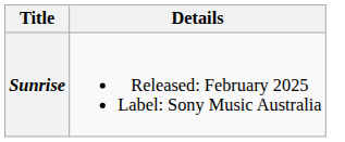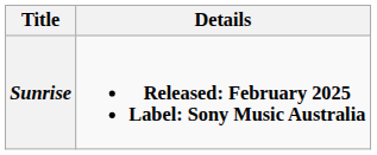 <table class="wikitable plainrowheaders" style="text-align:center;" border="1">
 <tr>
 <th>Title</th>
 <th>Details</th>
 </tr>
 <tr>
 <th scope="row"><em>Sunrise</em></th>
-<td><br><ul><li>Released: February 2025</li><li>Label: Sony Music Australia</li></ul></td>
+<td><strong><br><ul><li>Released: February 2025</li><li>Label: Sony Music Australia</li></ul></strong></td>
 </tr>
 </table>
